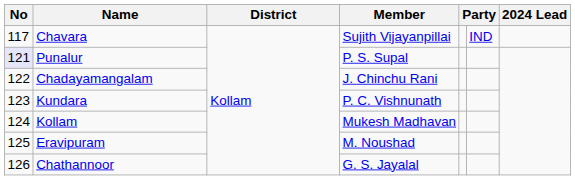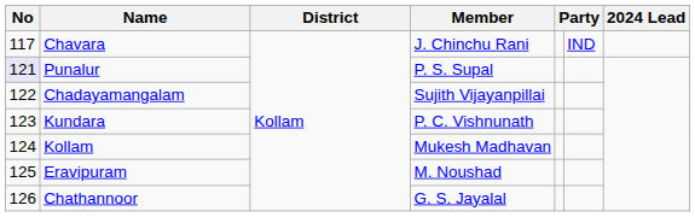 <table class="wikitable sortable">
 <tr>
 <th>No</th>
 <th width="200px">Name</th>
 <th width="150px">District</th>
 <th>Member</th>
 <th colspan=2>Party</th>
 <th colspan=2>2024 Lead</th>
 </tr>
 <tr>
 <td>117</td>
 <td><a href='#'>Chavara</a></td>
 <td rowspan="7"><a href='#'>Kollam</a></td>
-<td><a href='#'>Sujith Vijayanpillai</a></td>
+<td><a href='#'>J. Chinchu Rani</a></td>
 <td style="background-color:"></td>
 <td><a href='#'>IND</a></td>
 <td></td>
 </tr>
 <tr>
 <td style="background: lavender;">121</td>
 <td><a href='#'>Punalur</a></td>
 <td><a href='#'>P. S. Supal</a></td>
 <td></td>
 <td></td>
 </tr>
 <tr>
 <td>122</td>
 <td><a href='#'>Chadayamangalam</a></td>
-<td><a href='#'>J. Chinchu Rani</a></td>
+<td><a href='#'>Sujith Vijayanpillai</a></td>
 <td></td>
 <td></td>
 </tr>
 <tr>
 <td>123</td>
 <td><a href='#'>Kundara</a></td>
 <td><a href='#'>P. C. Vishnunath</a></td>
 <td></td>
 <td></td>
 </tr>
 <tr>
 <td>124</td>
 <td><a href='#'>Kollam</a></td>
 <td><a href='#'>Mukesh Madhavan</a></td>
 <td></td>
 <td></td>
 </tr>
 <tr>
 <td>125</td>
 <td><a href='#'>Eravipuram</a></td>
 <td><a href='#'>M. Noushad</a></td>
 <td></td>
 <td></td>
 </tr>
 <tr>
 <td>126</td>
 <td><a href='#'>Chathannoor</a></td>
 <td><a href='#'>G. S. Jayalal</a></td>
 <td></td>
 <td></td>
 </tr>
 </table>
